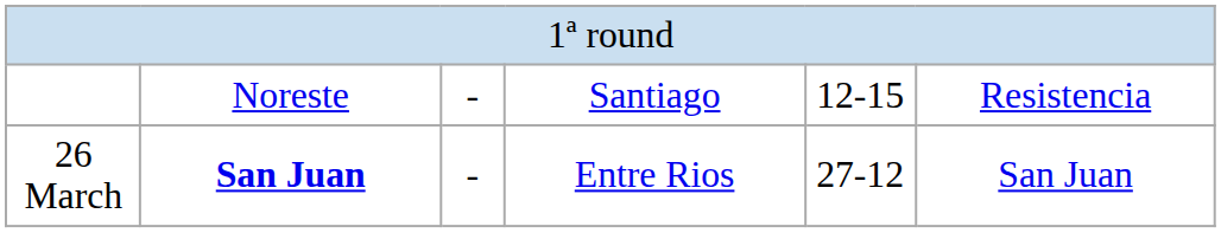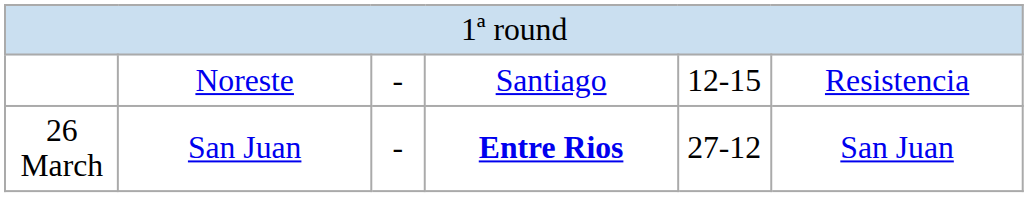 <table class="wikitable" style="text-align:center">
 <tr style="background:#cadff0;">
 <td style="text-align:center;" colspan="6">1ª round</td>
 </tr>
 <tr style="background:#fff;">
 <td width=50></td>
 <td width=120><a href='#'>Noreste</a></td>
 <td width=20>-</td>
 <td width=120><a href='#'>Santiago</a></td>
 <td width=40>12-15</td>
 <td width=120><a href='#'>Resistencia</a></td>
 </tr>
 <tr style="background:#fff;">
 <td width=50>26 March</td>
-<td width=120><strong><a href='#'>San Juan</a></strong></td>
+<td width=120><a href='#'>San Juan</a></td>
 <td width=20>-</td>
-<td width=120><a href='#'>Entre Rios</a></td>
+<td width=120><strong><a href='#'>Entre Rios</a></strong></td>
 <td width=40>27-12</td>
 <td width=120><a href='#'>San Juan</a></td>
 </tr>
 </table>
